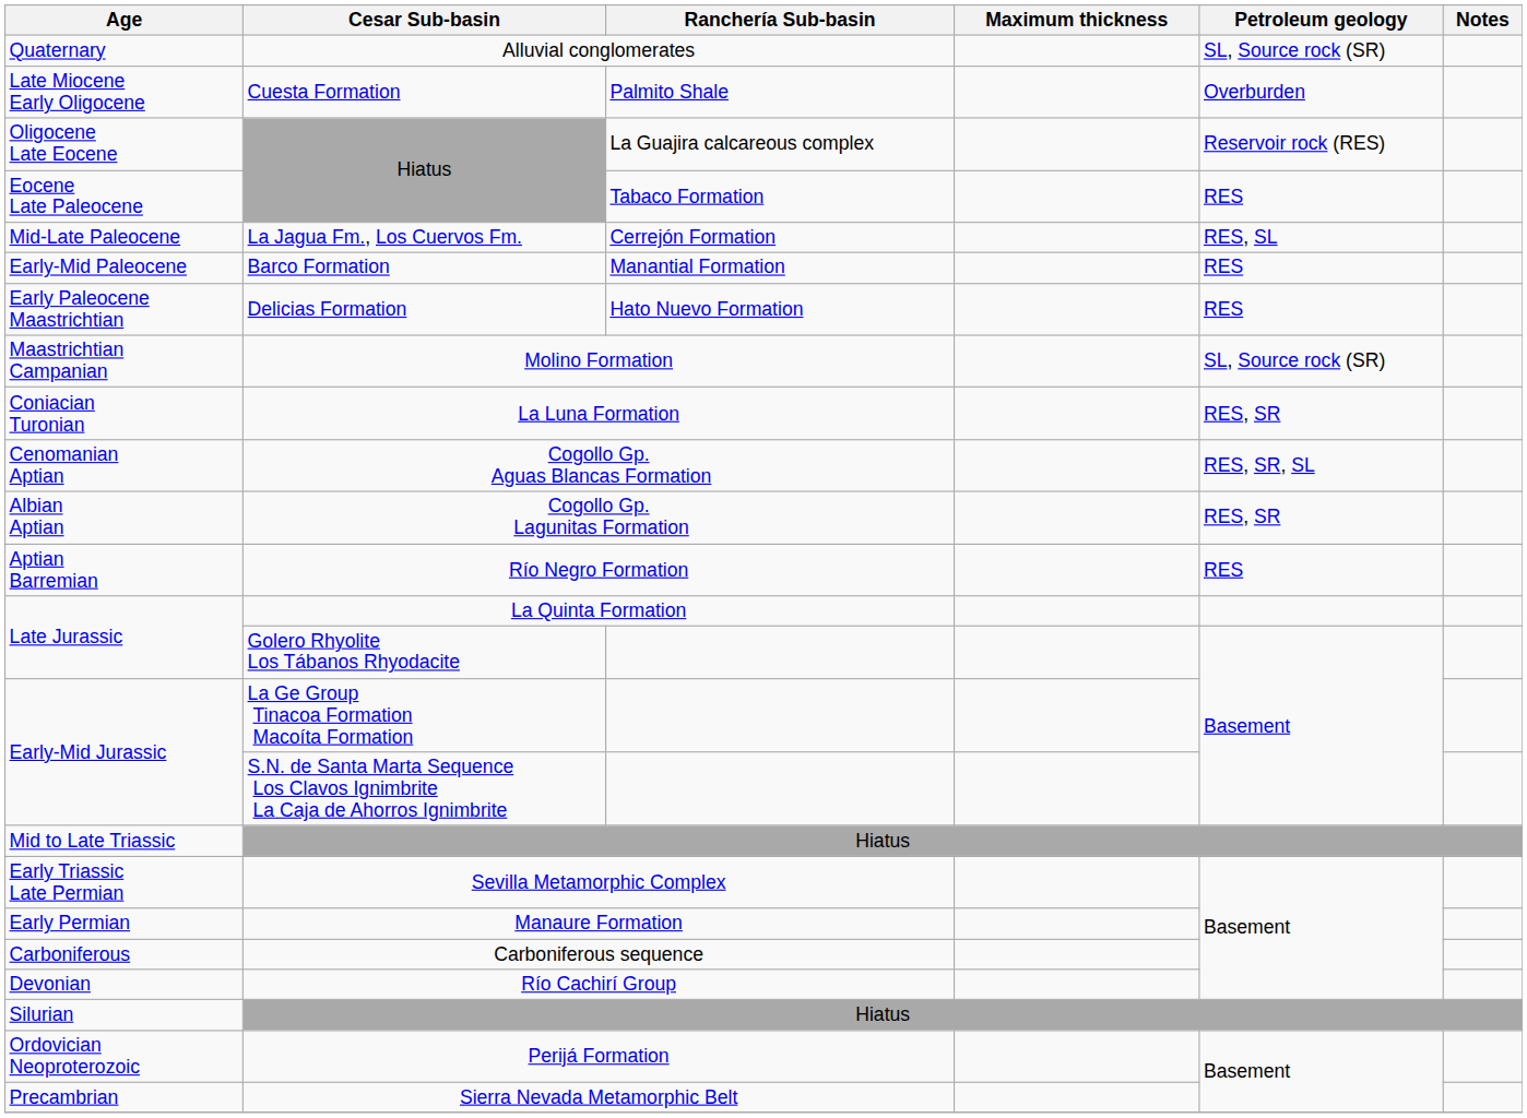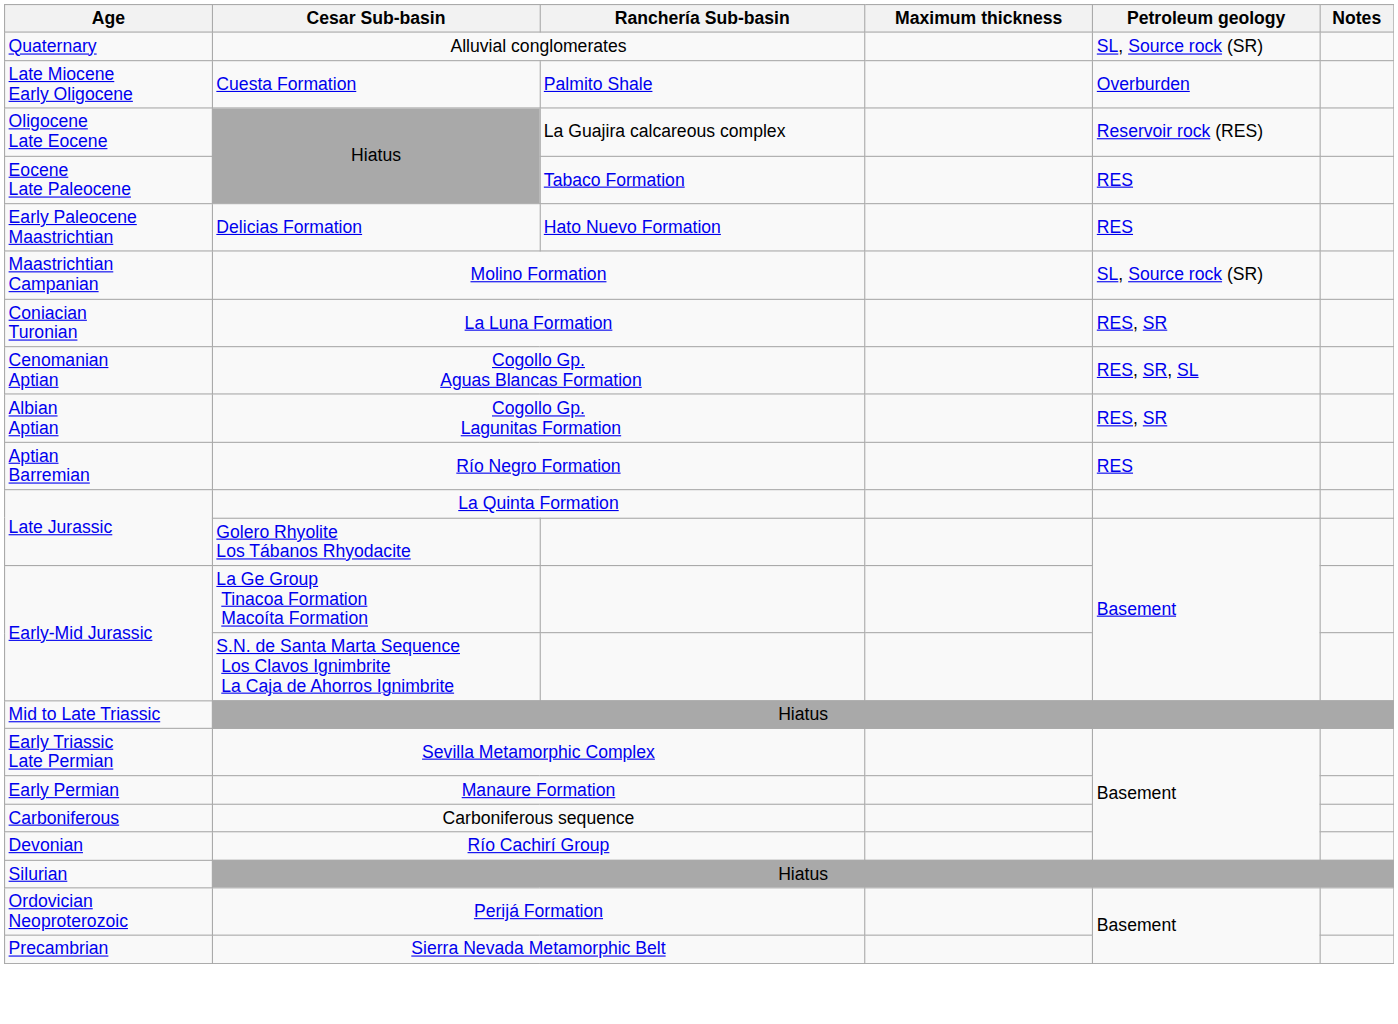 <table class="wikitable sortable mw-collapsible" width=100%>
 <tr>
 <th>Age</th>
 <th>Cesar Sub-basin</th>
 <th>Ranchería Sub-basin</th>
 <th>Maximum thickness</th>
 <th>Petroleum geology</th>
 <th class=unsortable>Notes</th>
 </tr>
 <tr>
 <td style="background-color: "><a href='#'>Quaternary</a></td>
 <td colspan=2 align=center>Alluvial conglomerates</td>
 <td></td>
 <td><a href='#'>SL</a>, <a href='#'>Source rock</a> (SR)</td>
 <td></td>
 </tr>
 <tr>
 <td style="background-color: "><a href='#'>Late Miocene</a><br><a href='#'>Early Oligocene</a></td>
 <td><a href='#'>Cuesta Formation</a></td>
 <td><a href='#'>Palmito Shale</a></td>
 <td></td>
 <td><a href='#'>Overburden</a></td>
 <td></td>
 </tr>
 <tr>
 <td style="background-color: "><a href='#'>Oligocene</a><br><a href='#'>Late Eocene</a></td>
 <td rowspan=2 style="background-color: darkgrey;" align=center>Hiatus</td>
 <td>La Guajira calcareous complex</td>
 <td></td>
 <td><a href='#'>Reservoir rock</a> (RES)</td>
 <td></td>
 </tr>
 <tr>
 <td style="background-color: "><a href='#'>Eocene</a><br><a href='#'>Late Paleocene</a></td>
 <td><a href='#'>Tabaco Formation</a></td>
-<td></td>
-<td><a href='#'>RES</a></td>
-<td></td>
-</tr>
-<tr>
-<td style="background-color: "><a href='#'>Mid-Late Paleocene</a></td>
-<td><a href='#'>La Jagua Fm.</a>, <a href='#'>Los Cuervos Fm.</a></td>
-<td><a href='#'>Cerrejón Formation</a></td>
-<td></td>
-<td><a href='#'>RES</a>, <a href='#'>SL</a></td>
-<td></td>
-</tr>
-<tr>
-<td style="background-color: "><a href='#'>Early-Mid Paleocene</a></td>
-<td><a href='#'>Barco Formation</a></td>
-<td><a href='#'>Manantial Formation</a></td>
 <td></td>
 <td><a href='#'>RES</a></td>
 <td></td>
 </tr>
 <tr>
 <td style="background-color: "><a href='#'>Early Paleocene</a><br><a href='#'>Maastrichtian</a></td>
 <td><a href='#'>Delicias Formation</a></td>
 <td><a href='#'>Hato Nuevo Formation</a></td>
 <td></td>
 <td><a href='#'>RES</a></td>
 <td></td>
 </tr>
 <tr>
 <td style="background-color: "><a href='#'>Maastrichtian</a><br><a href='#'>Campanian</a></td>
 <td colspan=2 align=center><a href='#'>Molino Formation</a></td>
 <td></td>
 <td><a href='#'>SL</a>, <a href='#'>Source rock</a> (SR)</td>
 <td></td>
 </tr>
 <tr>
 <td style="background-color: "><a href='#'>Coniacian</a><br><a href='#'>Turonian</a></td>
 <td colspan=2 align=center><a href='#'>La Luna Formation</a></td>
 <td></td>
 <td><a href='#'>RES</a>, <a href='#'>SR</a></td>
 <td></td>
 </tr>
 <tr>
 <td style="background-color: "><a href='#'>Cenomanian</a><br><a href='#'>Aptian</a></td>
 <td colspan=2 align=center><a href='#'>Cogollo Gp.</a><br> <a href='#'>Aguas Blancas Formation</a></td>
 <td></td>
 <td><a href='#'>RES</a>, <a href='#'>SR</a>, <a href='#'>SL</a></td>
 <td></td>
 </tr>
 <tr>
 <td style="background-color: "><a href='#'>Albian</a><br><a href='#'>Aptian</a></td>
 <td colspan=2 align=center><a href='#'>Cogollo Gp.</a><br> <a href='#'>Lagunitas Formation</a></td>
 <td></td>
 <td><a href='#'>RES</a>, <a href='#'>SR</a></td>
 <td></td>
 </tr>
 <tr>
 <td style="background-color: "><a href='#'>Aptian</a><br><a href='#'>Barremian</a></td>
 <td colspan=2 align=center><a href='#'>Río Negro Formation</a></td>
 <td></td>
 <td><a href='#'>RES</a></td>
 <td></td>
 </tr>
 <tr>
 <td rowspan=2 style="background-color: "><a href='#'>Late Jurassic</a></td>
 <td colspan=2 align=center><a href='#'>La Quinta Formation</a></td>
 <td></td>
 <td></td>
 <td></td>
 </tr>
 <tr>
 <td><a href='#'>Golero Rhyolite</a><br><a href='#'>Los Tábanos Rhyodacite</a></td>
 <td></td>
 <td></td>
 <td rowspan=3><a href='#'>Basement</a></td>
 <td></td>
 </tr>
 <tr>
 <td rowspan=2 style="background-color: "><a href='#'>Early-Mid Jurassic</a></td>
 <td><a href='#'>La Ge Group</a><br> <a href='#'>Tinacoa Formation</a><br> <a href='#'>Macoíta Formation</a></td>
 <td></td>
 <td></td>
 <td></td>
 </tr>
 <tr>
 <td><a href='#'>S.N. de Santa Marta Sequence</a><br> <a href='#'>Los Clavos Ignimbrite</a><br> <a href='#'>La Caja de Ahorros Ignimbrite</a></td>
 <td></td>
 <td></td>
 <td></td>
 </tr>
 <tr>
 <td style="background-color: "><a href='#'>Mid to Late Triassic</a></td>
 <td colspan=5 style="background-color: darkgrey;" align=center>Hiatus</td>
 </tr>
 <tr>
 <td style="background-color: "><a href='#'>Early Triassic</a><br><a href='#'>Late Permian</a></td>
 <td colspan=2 align=center><a href='#'>Sevilla Metamorphic Complex</a></td>
 <td></td>
 <td rowspan=4>Basement</td>
 <td></td>
 </tr>
 <tr>
 <td style="background-color: "><a href='#'>Early Permian</a></td>
 <td colspan=2 align=center><a href='#'>Manaure Formation</a></td>
 <td></td>
 <td></td>
 </tr>
 <tr>
 <td style="background-color: "><a href='#'>Carboniferous</a></td>
 <td colspan=2 align=center>Carboniferous sequence</td>
 <td></td>
 <td></td>
 </tr>
 <tr>
 <td style="background-color: "><a href='#'>Devonian</a></td>
 <td colspan=2 align=center><a href='#'>Río Cachirí Group</a></td>
 <td></td>
 <td></td>
 </tr>
 <tr>
 <td style="background-color: "><a href='#'>Silurian</a></td>
 <td colspan=5 style="background-color: darkgrey;" align=center>Hiatus</td>
 </tr>
 <tr>
 <td style="background-color: "><a href='#'>Ordovician</a><br><a href='#'>Neoproterozoic</a></td>
 <td colspan=2 align=center><a href='#'>Perijá Formation</a></td>
 <td></td>
 <td rowspan=2>Basement</td>
 <td></td>
 </tr>
 <tr>
 <td style="background-color: "><a href='#'>Precambrian</a></td>
 <td colspan=2 align=center><a href='#'>Sierra Nevada Metamorphic Belt</a></td>
 <td></td>
 <td></td>
 </tr>
 <tr>
 </tr>
 </table>
